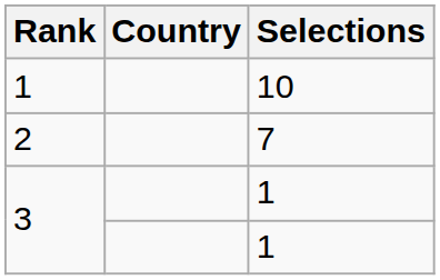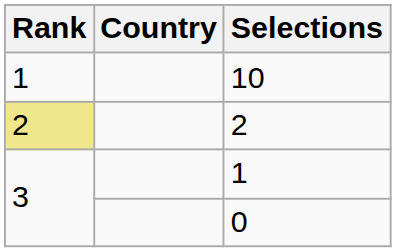 <table class="wikitable">
 <tr>
 <th>Rank</th>
 <th>Country</th>
 <th>Selections</th>
 </tr>
 <tr>
 <td>1</td>
 <td></td>
 <td>10</td>
 </tr>
 <tr>
+<td style="background: khaki;">2</td>
+<td></td>
 <td>2</td>
-<td></td>
-<td>7</td>
 </tr>
 <tr>
 <td rowspan="2">3</td>
 <td></td>
 <td>1</td>
 </tr>
 <tr>
 <td></td>
-<td>1</td>
+<td>0</td>
 </tr>
 </table>
